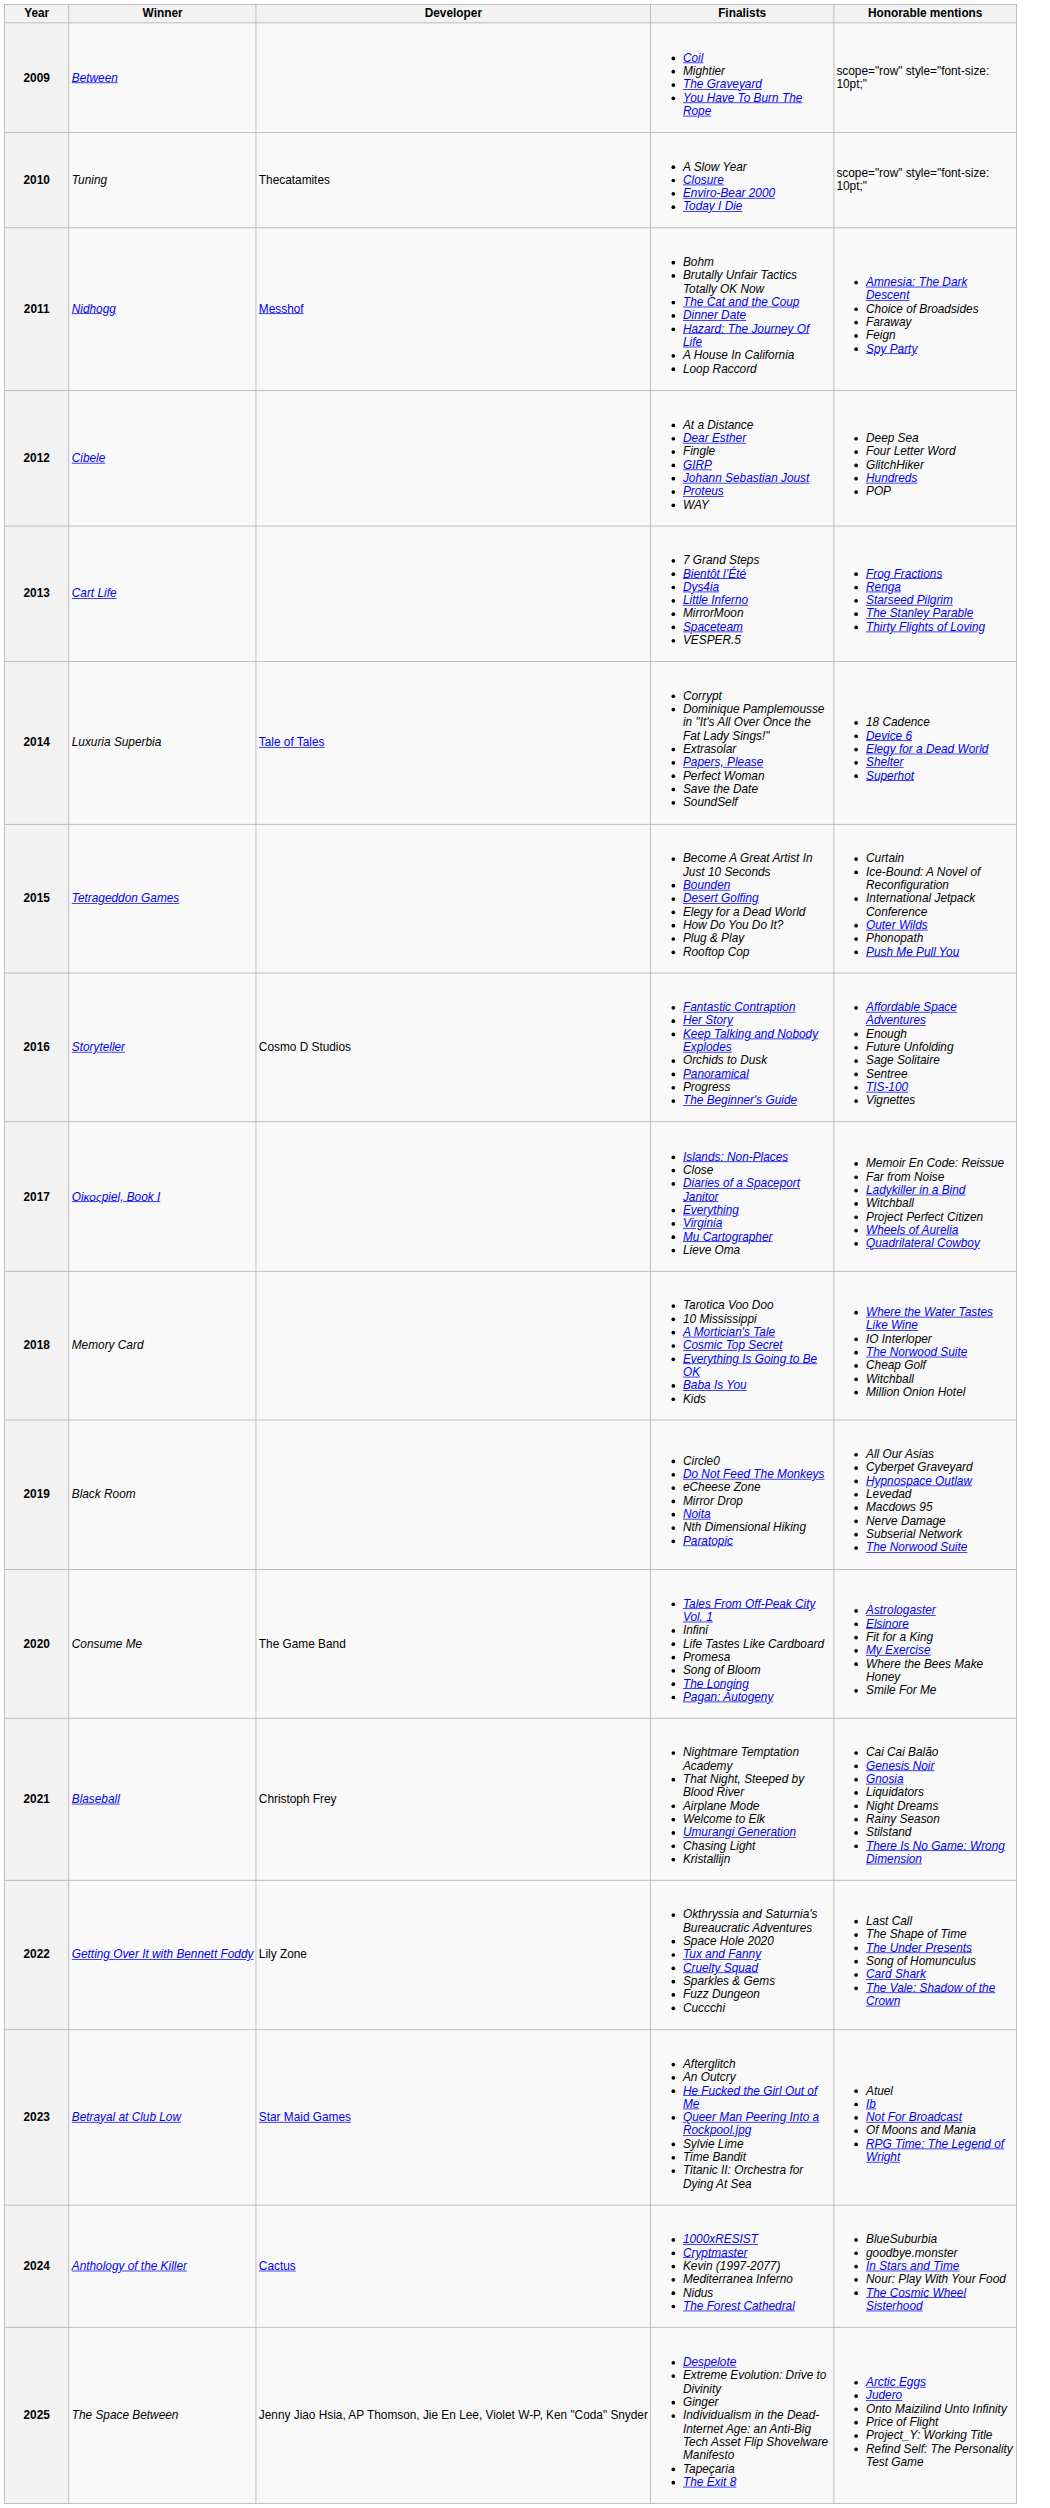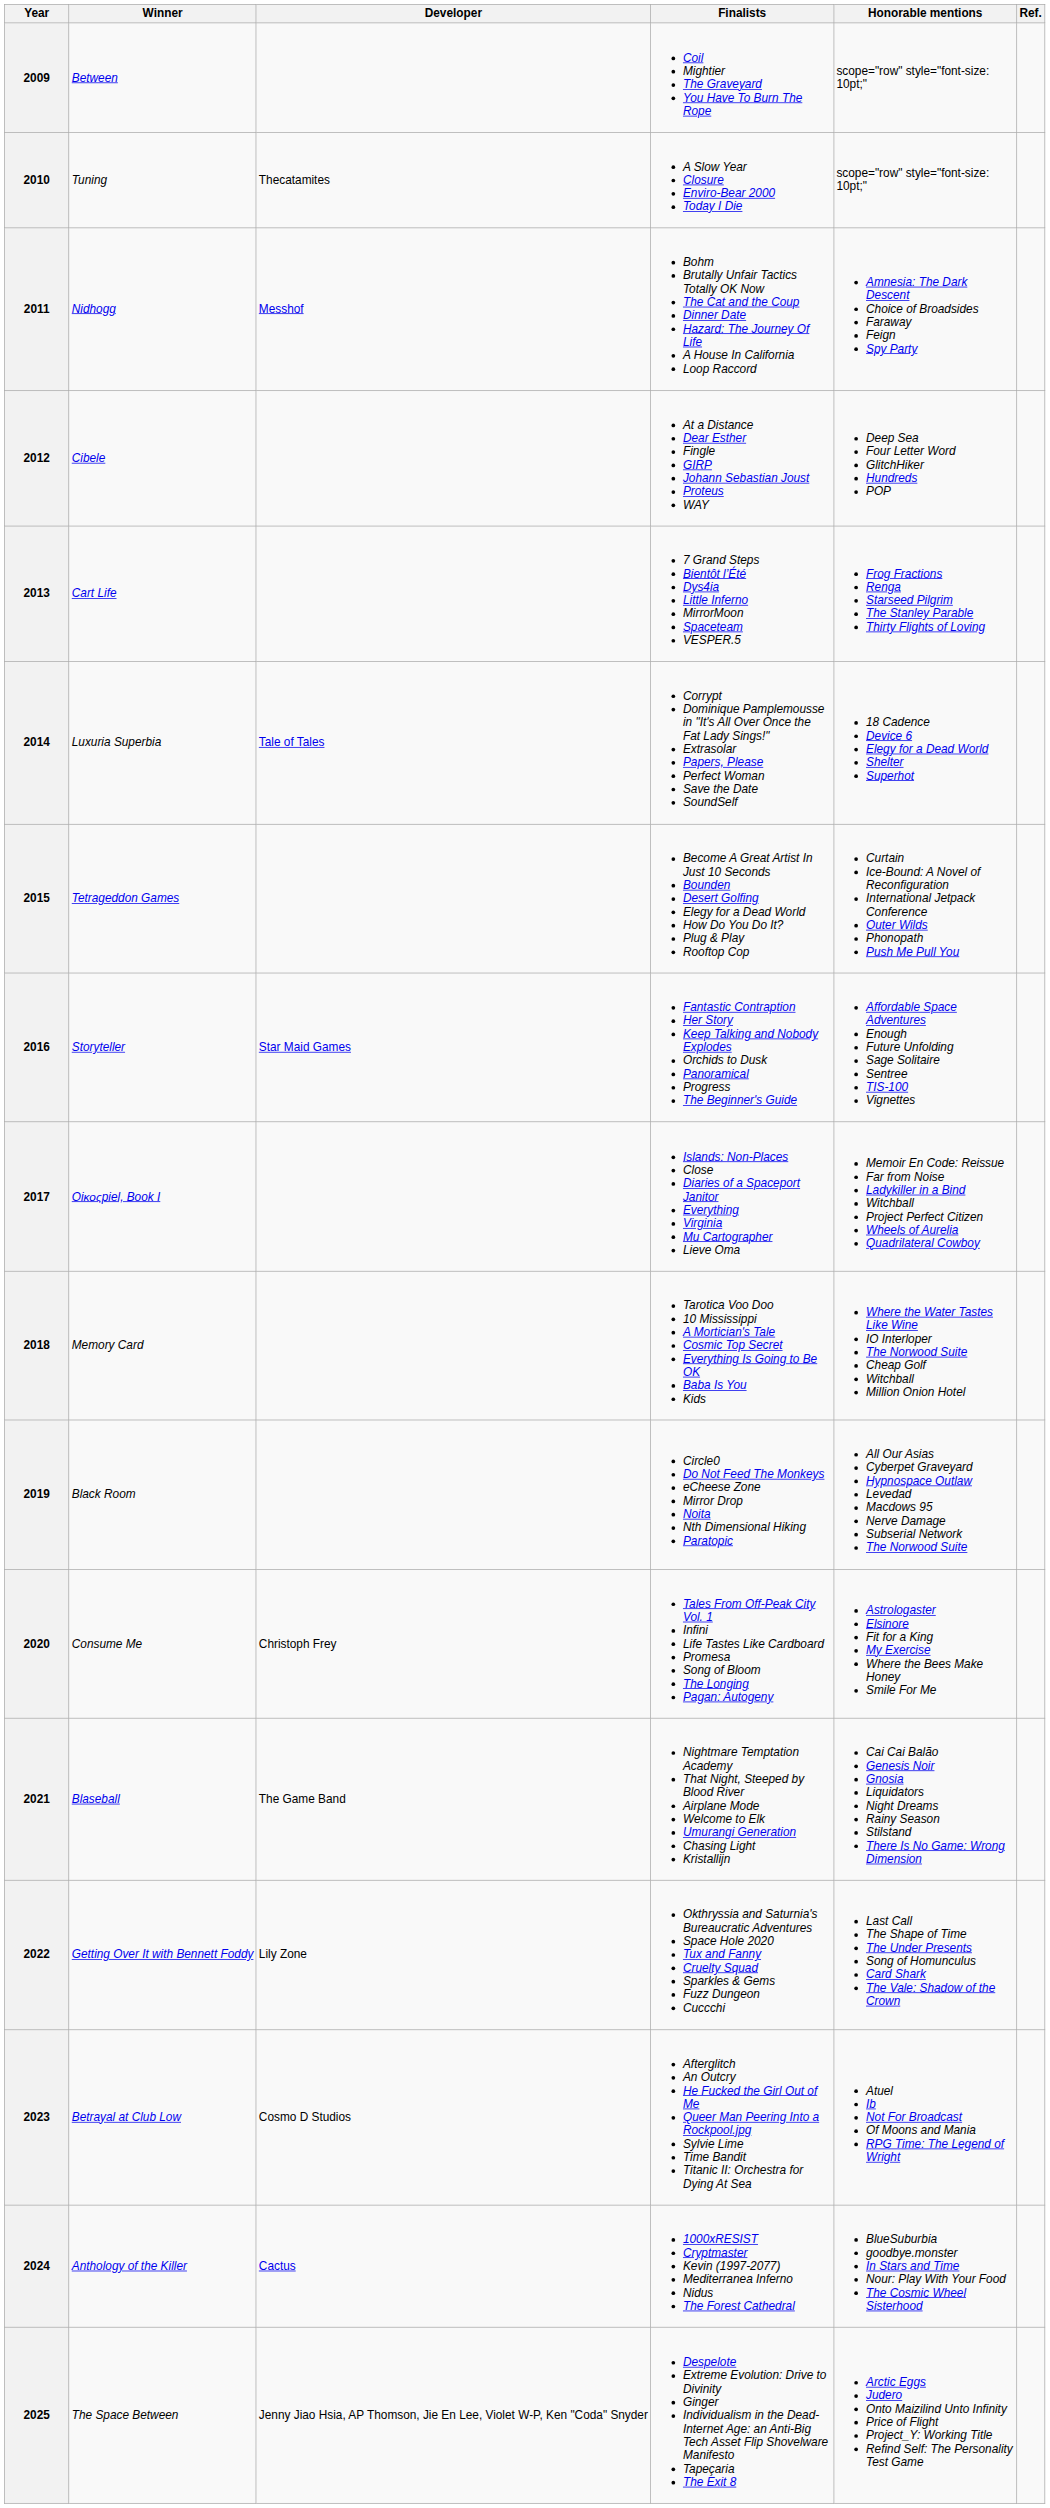 <table class="wikitable sortable plainrowheaders">
 <tr>
 <th scope="col" style="width:5em;">Year</th>
 <th scope="col">Winner</th>
 <th scope="col">Developer</th>
 <th scope="col" class="unsortable" style="width:15em;">Finalists</th>
 <th scope="col" class="unsortable" style="width:15em;">Honorable mentions</th>
+<th scope="col" class="unsortable">Ref.</th>
 </tr>
 <tr>
 <th scope="row ">2009</th>
 <td><em><a href='#'>Between</a></em></td>
 <td></td>
 <td><br><ul><li><em><a href='#'>Coil</a></em></li><li><em>Mightier</em></li><li><em><a href='#'>The Graveyard</a></em></li><li><em><a href='#'>You Have To Burn The Rope</a></em></li></ul></td>
 <td>scope="row" style="font-size: 10pt;" </td>
+<td></td>
 </tr>
 <tr>
 <th scope="row ">2010</th>
 <td><em>Tuning</em></td>
 <td>Thecatamites</td>
 <td><br><ul><li><em>A Slow Year</em></li><li><em><a href='#'>Closure</a></em></li><li><em><a href='#'>Enviro-Bear 2000</a></em></li><li><em><a href='#'>Today I Die</a></em></li></ul></td>
 <td>scope="row" style="font-size: 10pt;" </td>
+<td></td>
 </tr>
 <tr>
 <th scope="row ">2011</th>
 <td><em><a href='#'>Nidhogg</a></em></td>
 <td><a href='#'>Messhof</a></td>
 <td><br><ul><li><em>Bohm</em></li><li><em>Brutally Unfair Tactics Totally OK Now</em></li><li><em><a href='#'>The Cat and the Coup</a></em></li><li><em><a href='#'>Dinner Date</a></em></li><li><em><a href='#'>Hazard: The Journey Of Life</a></em></li><li><em>A House In California</em></li><li><em>Loop Raccord</em></li></ul></td>
 <td><br><ul><li><em><a href='#'>Amnesia: The Dark Descent</a></em></li><li><em>Choice of Broadsides</em></li><li><em>Faraway</em></li><li><em>Feign</em></li><li><em><a href='#'>Spy Party</a></em></li></ul></td>
+<td></td>
 </tr>
 <tr>
 <th scope="row ">2012</th>
 <td><em><a href='#'>Cibele</a></em></td>
 <td></td>
 <td><br><ul><li><em>At a Distance</em></li><li><em><a href='#'>Dear Esther</a></em></li><li><em>Fingle</em></li><li><em><a href='#'>GIRP</a></em></li><li><em><a href='#'>Johann Sebastian Joust</a></em></li><li><em><a href='#'>Proteus</a></em></li><li><em>WAY</em></li></ul></td>
 <td><br><ul><li><em>Deep Sea</em></li><li><em>Four Letter Word</em></li><li><em>GlitchHiker</em></li><li><em><a href='#'>Hundreds</a></em></li><li><em>POP</em></li></ul></td>
+<td></td>
 </tr>
 <tr>
 <th scope="row ">2013</th>
 <td><em><a href='#'>Cart Life</a></em></td>
 <td></td>
 <td><br><ul><li><em>7 Grand Steps</em></li><li><em><a href='#'>Bientôt l’Été</a></em></li><li><em><a href='#'>Dys4ia</a></em></li><li><em><a href='#'>Little Inferno</a></em></li><li><em>MirrorMoon</em></li><li><em><a href='#'>Spaceteam</a></em></li><li><em>VESPER.5</em></li></ul></td>
 <td><br><ul><li><em><a href='#'>Frog Fractions</a></em></li><li><em><a href='#'>Renga</a></em></li><li><em><a href='#'>Starseed Pilgrim</a></em></li><li><em><a href='#'>The Stanley Parable</a></em></li><li><em><a href='#'>Thirty Flights of Loving</a></em></li></ul></td>
+<td></td>
 </tr>
 <tr>
 <th scope="row ">2014</th>
 <td><em>Luxuria Superbia</em></td>
 <td><a href='#'>Tale of Tales</a></td>
 <td><br><ul><li><em>Corrypt</em></li><li><em>Dominique Pamplemousse in "It's All Over Once the Fat Lady Sings!"</em></li><li><em>Extrasolar</em></li><li><em><a href='#'>Papers, Please</a></em></li><li><em>Perfect Woman</em></li><li><em>Save the Date</em></li><li><em>SoundSelf</em></li></ul></td>
 <td><br><ul><li><em>18 Cadence</em></li><li><em><a href='#'>Device 6</a></em></li><li><em><a href='#'>Elegy for a Dead World</a></em></li><li><em><a href='#'>Shelter</a></em></li><li><em><a href='#'>Superhot</a></em></li></ul></td>
+<td></td>
 </tr>
 <tr>
 <th scope="row ">2015</th>
 <td><em><a href='#'>Tetrageddon Games</a></em></td>
 <td></td>
 <td><br><ul><li><em>Become A Great Artist In Just 10 Seconds</em></li><li><em><a href='#'>Bounden</a></em></li><li><em><a href='#'>Desert Golfing</a></em></li><li><em>Elegy for a Dead World</em></li><li><em>How Do You Do It?</em></li><li><em>Plug & Play</em></li><li><em>Rooftop Cop</em></li></ul></td>
 <td><br><ul><li><em>Curtain</em></li><li><em>Ice-Bound: A Novel of Reconfiguration</em></li><li><em>International Jetpack Conference</em></li><li><em><a href='#'>Outer Wilds</a></em></li><li><em>Phonopath</em></li><li><em><a href='#'>Push Me Pull You</a></em></li></ul></td>
+<td></td>
 </tr>
 <tr>
 <th scope="row ">2016</th>
 <td><em><a href='#'>Storyteller</a></em></td>
-<td>Cosmo D Studios</td>
+<td><a href='#'>Star Maid Games</a></td>
 <td><br><ul><li><em><a href='#'>Fantastic Contraption</a></em></li><li><em><a href='#'>Her Story</a></em></li><li><em><a href='#'>Keep Talking and Nobody Explodes</a></em></li><li><em>Orchids to Dusk</em></li><li><em><a href='#'>Panoramical</a></em></li><li><em>Progress</em></li><li><em><a href='#'>The Beginner's Guide</a></em></li></ul></td>
 <td><br><ul><li><em><a href='#'>Affordable Space Adventures</a></em></li><li><em>Enough</em></li><li><em>Future Unfolding</em></li><li><em>Sage Solitaire</em></li><li><em>Sentree</em></li><li><em><a href='#'>TIS-100</a></em></li><li><em>Vignettes</em></li></ul></td>
+<td></td>
 </tr>
 <tr>
 <th scope="row ">2017</th>
 <td><em><a href='#'>Oiκοςpiel, Book I</a></em></td>
 <td></td>
 <td><br><ul><li><em><a href='#'>Islands: Non-Places</a></em></li><li><em>Close</em></li><li><em><a href='#'>Diaries of a Spaceport Janitor</a></em></li><li><em><a href='#'>Everything</a></em></li><li><em><a href='#'>Virginia</a></em></li><li><em><a href='#'>Mu Cartographer</a></em></li><li><em>Lieve Oma</em></li></ul></td>
 <td><br><ul><li><em>Memoir En Code: Reissue</em></li><li><em>Far from Noise</em></li><li><em><a href='#'>Ladykiller in a Bind</a></em></li><li><em>Witchball</em></li><li><em>Project Perfect Citizen</em></li><li><em><a href='#'>Wheels of Aurelia</a></em></li><li><em><a href='#'>Quadrilateral Cowboy</a></em></li></ul></td>
+<td></td>
 </tr>
 <tr>
 <th scope="row ">2018</th>
 <td><em>Memory Card</em></td>
 <td></td>
 <td><br><ul><li><em>Tarotica Voo Doo</em></li><li><em>10 Mississippi</em></li><li><em><a href='#'>A Mortician's Tale</a></em></li><li><em><a href='#'>Cosmic Top Secret</a></em></li><li><em><a href='#'>Everything Is Going to Be OK</a></em></li><li><em><a href='#'>Baba Is You</a></em></li><li><em>Kids</em></li></ul></td>
 <td><br><ul><li><em><a href='#'>Where the Water Tastes Like Wine</a></em></li><li><em>IO Interloper</em></li><li><em><a href='#'>The Norwood Suite</a></em></li><li><em>Cheap Golf</em></li><li><em>Witchball</em></li><li><em>Million Onion Hotel</em></li></ul></td>
+<td></td>
 </tr>
 <tr>
 <th scope="row ">2019</th>
 <td><em>Black Room</em></td>
 <td></td>
 <td><br><ul><li><em>Circle0</em></li><li><em><a href='#'>Do Not Feed The Monkeys</a></em></li><li><em>eCheese Zone</em></li><li><em>Mirror Drop</em></li><li><em><a href='#'>Noita</a></em></li><li><em>Nth Dimensional Hiking</em></li><li><em><a href='#'>Paratopic</a></em></li></ul></td>
 <td><br><ul><li><em>All Our Asias</em></li><li><em>Cyberpet Graveyard</em></li><li><em><a href='#'>Hypnospace Outlaw</a></em></li><li><em>Levedad</em></li><li><em>Macdows 95</em></li><li><em>Nerve Damage</em></li><li><em>Subserial Network</em></li><li><em><a href='#'>The Norwood Suite</a></em></li></ul></td>
+<td></td>
 </tr>
 <tr>
 <th scope="row ">2020</th>
 <td><em>Consume Me</em></td>
-<td>The Game Band</td>
+<td>Christoph Frey</td>
 <td><br><ul><li><em><a href='#'>Tales From Off-Peak City Vol.&nbsp;1</a></em></li><li><em>Infini</em></li><li><em>Life Tastes Like Cardboard</em></li><li><em>Promesa</em></li><li><em>Song of Bloom</em></li><li><em><a href='#'>The Longing</a></em></li><li><em><a href='#'>Pagan: Autogeny</a></em></li></ul></td>
 <td><br><ul><li><em><a href='#'>Astrologaster</a></em></li><li><em><a href='#'>Elsinore</a></em></li><li><em>Fit for a King</em></li><li><em><a href='#'>My Exercise</a></em></li><li><em>Where the Bees Make Honey</em></li><li><em>Smile For Me</em></li></ul></td>
+<td></td>
 </tr>
 <tr>
 <th scope="row ">2021</th>
 <td><em><a href='#'>Blaseball</a></em></td>
-<td>Christoph Frey</td>
+<td>The Game Band</td>
 <td><br><ul><li><em>Nightmare Temptation Academy</em></li><li><em>That Night, Steeped by Blood River</em></li><li><em>Airplane Mode</em></li><li><em>Welcome to Elk</em></li><li><em><a href='#'>Umurangi Generation</a></em></li><li><em>Chasing Light</em></li><li><em>Kristallijn</em></li></ul></td>
 <td><br><ul><li><em>Cai Cai Balão</em></li><li><em><a href='#'>Genesis Noir</a></em></li><li><em><a href='#'>Gnosia</a></em></li><li><em>Liquidators</em></li><li><em>Night Dreams</em></li><li><em>Rainy Season</em></li><li><em>Stilstand</em></li><li><em><a href='#'>There Is No Game: Wrong Dimension</a></em></li></ul></td>
+<td></td>
 </tr>
 <tr>
 <th scope="row ">2022</th>
 <td><em><a href='#'>Getting Over It with Bennett Foddy</a></em></td>
 <td>Lily Zone</td>
 <td><br><ul><li><em>Okthryssia and Saturnia's Bureaucratic Adventures</em></li><li><em>Space Hole 2020</em></li><li><em><a href='#'>Tux and Fanny</a></em></li><li><em><a href='#'>Cruelty Squad</a></em></li><li><em>Sparkles & Gems</em></li><li><em>Fuzz Dungeon</em></li><li><em>Cuccchi</em></li></ul></td>
 <td><br><ul><li><em>Last Call</em></li><li><em>The Shape of Time</em></li><li><em><a href='#'>The Under Presents</a></em></li><li><em>Song of Homunculus</em></li><li><em><a href='#'>Card Shark</a></em></li><li><em><a href='#'>The Vale: Shadow of the Crown</a></em></li></ul></td>
+<td></td>
 </tr>
 <tr>
 <th scope="row ">2023</th>
 <td><em><a href='#'>Betrayal at Club Low</a></em></td>
-<td><a href='#'>Star Maid Games</a></td>
+<td>Cosmo D Studios</td>
 <td><br><ul><li><em>Afterglitch</em></li><li><em>An Outcry</em></li><li><em><a href='#'>He Fucked the Girl Out of Me</a></em></li><li><em><a href='#'>Queer Man Peering Into a Rockpool.jpg</a></em></li><li><em>Sylvie Lime</em></li><li><em>Time Bandit</em></li><li><em>Titanic II: Orchestra for Dying At Sea</em></li></ul></td>
 <td><br><ul><li><em>Atuel</em></li><li><em><a href='#'>Ib</a></em></li><li><em><a href='#'>Not For Broadcast</a></em></li><li><em>Of Moons and Mania</em></li><li><em><a href='#'>RPG Time: The Legend of Wright</a></em></li></ul></td>
+<td></td>
 </tr>
 <tr>
 <th scope="row ">2024</th>
 <td><em><a href='#'>Anthology of the Killer</a></em></td>
 <td><a href='#'>Cactus</a></td>
 <td><br><ul><li><em><a href='#'>1000xRESIST</a></em></li><li><em><a href='#'>Cryptmaster</a></em></li><li><em>Kevin (1997-2077)</em></li><li><em>Mediterranea Inferno</em></li><li><em>Nidus</em></li><li><em><a href='#'>The Forest Cathedral</a></em></li></ul></td>
 <td><br><ul><li><em>BlueSuburbia</em></li><li><em>goodbye.monster</em></li><li><em><a href='#'>In Stars and Time</a></em></li><li><em>Nour: Play With Your Food</em></li><li><em><a href='#'>The Cosmic Wheel Sisterhood</a></em></li></ul></td>
+<td></td>
 </tr>
 <tr>
 <th scope="row ">2025</th>
 <td><em>The Space Between</em></td>
 <td>Jenny Jiao Hsia, AP Thomson, Jie En Lee, Violet W-P, Ken "Coda" Snyder</td>
 <td><br><ul><li><em><a href='#'>Despelote</a></em></li><li><em>Extreme Evolution: Drive to Divinity</em></li><li><em>Ginger</em></li><li><em>Individualism in the Dead-Internet Age: an Anti-Big Tech Asset Flip Shovelware Manifesto</em></li><li><em>Tapeçaria</em></li><li><em><a href='#'>The Exit 8</a></em></li></ul></td>
 <td><br><ul><li><em><a href='#'>Arctic Eggs</a></em></li><li><em><a href='#'>Judero</a></em></li><li><em>Onto Maizilind Unto Infinity</em></li><li><em>Price of Flight</em></li><li><em>Project_Y: Working Title</em></li><li><em>Refind Self: The Personality Test Game</em></li></ul></td>
+<td></td>
 </tr>
 </table>
